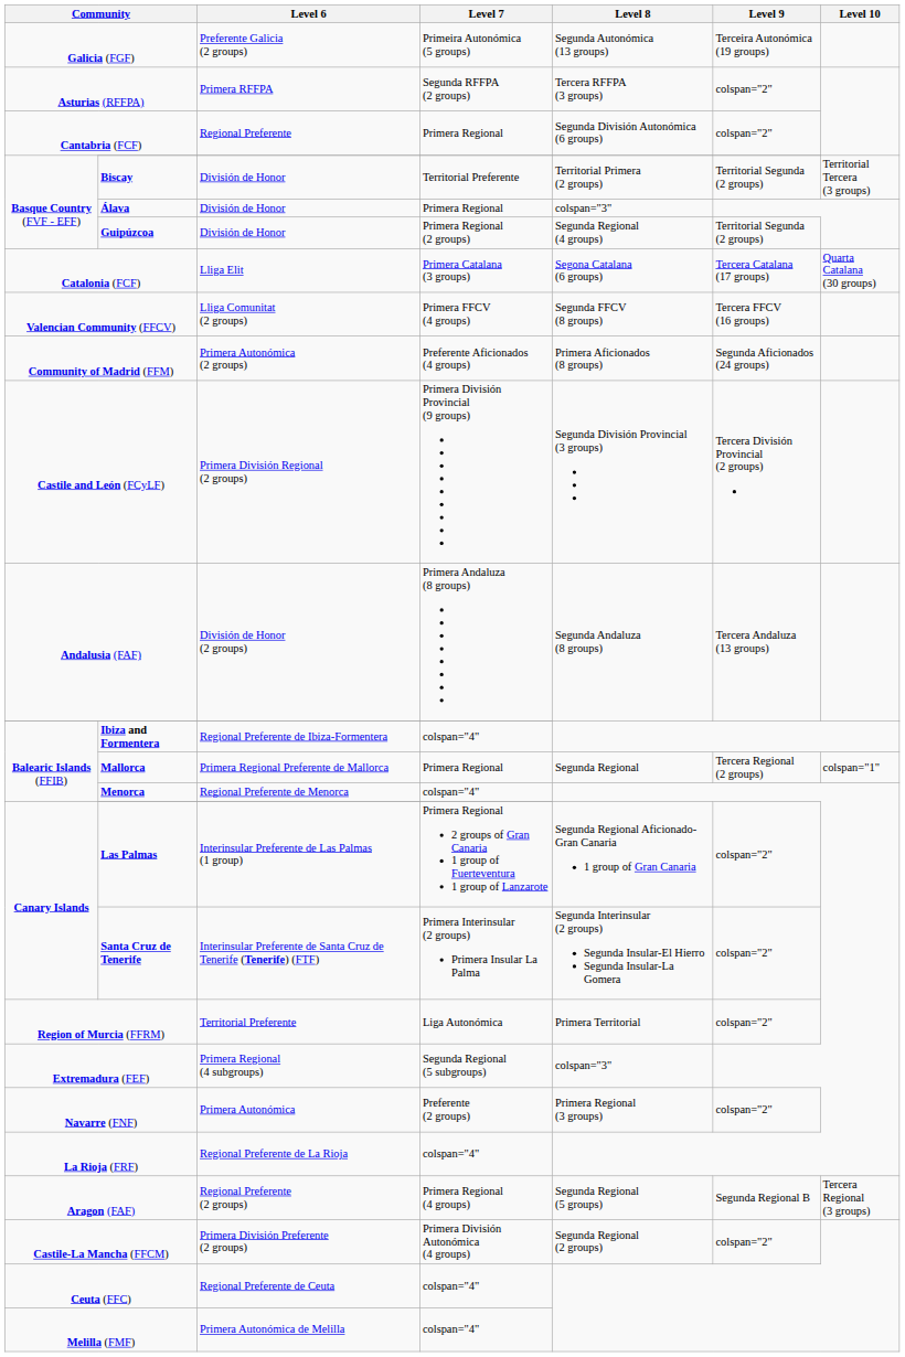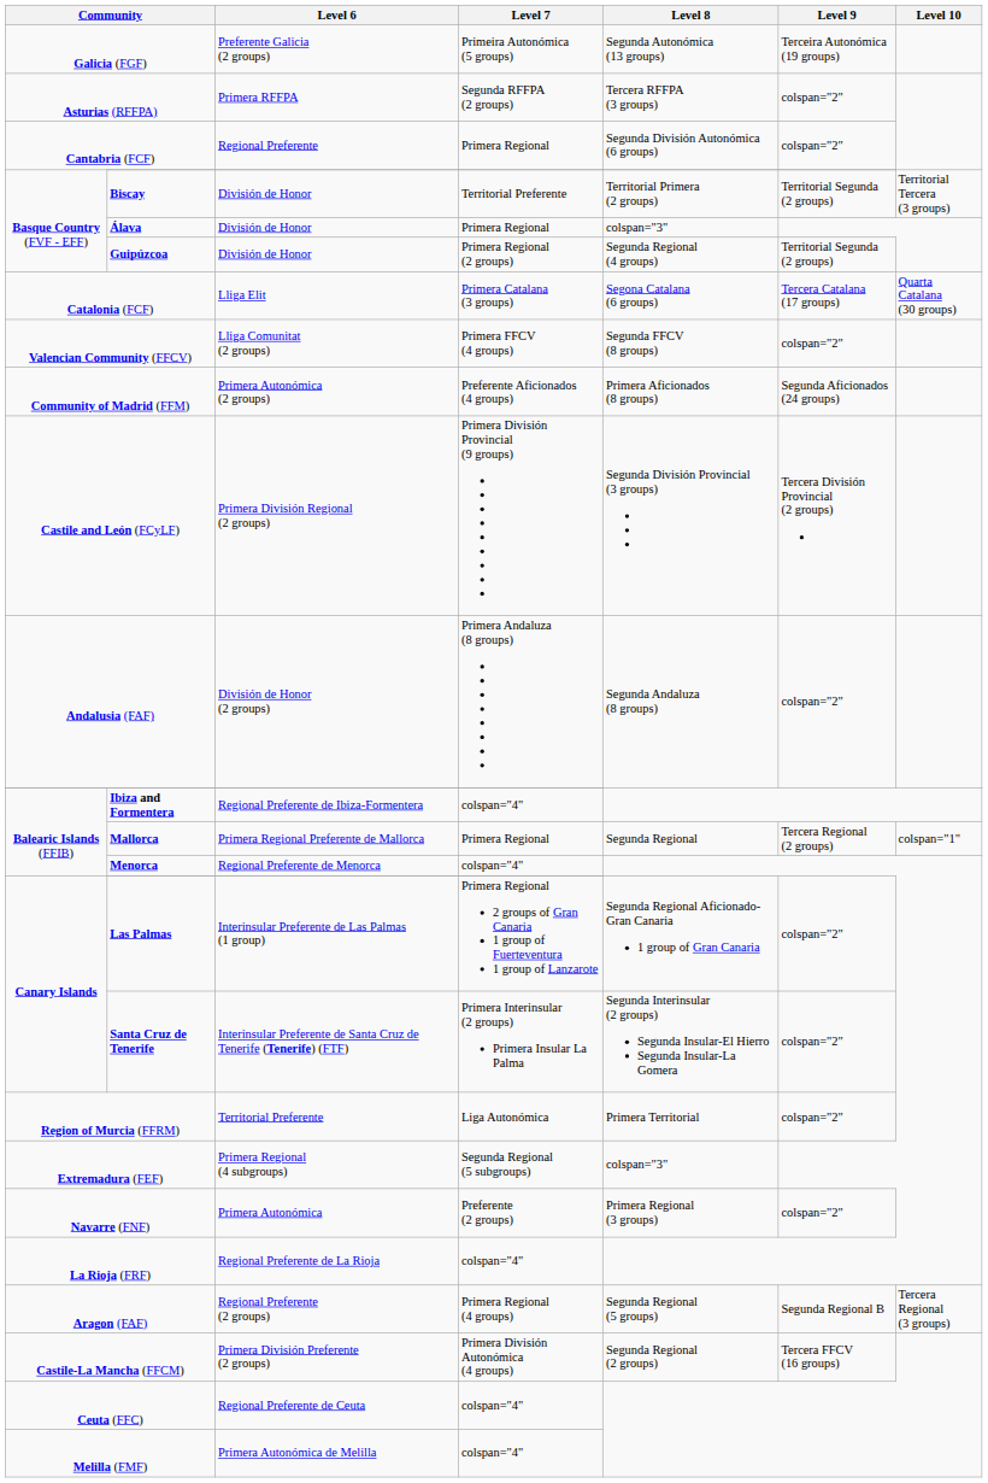 <table class="wikitable sortable">
 <tr>
 <th colspan="2" align="center"><a href='#'>Community</a></th>
 <th>Level 6</th>
 <th>Level 7</th>
 <th>Level 8</th>
 <th>Level 9</th>
 <th>Level 10</th>
 </tr>
 <tr>
 <td colspan="2" align="center"><br><br><strong><a href='#'>Galicia</a></strong> (<a href='#'>FGF</a>)</td>
 <td><a href='#'>Preferente Galicia</a><br>(2 groups)</td>
 <td>Primeira Autonómica<br>(5 groups)</td>
 <td>Segunda Autonómica<br>(13 groups)</td>
 <td>Terceira Autonómica<br>(19 groups)</td>
 <td></td>
 </tr>
 <tr>
 <td colspan="2" align="center"><br><br><strong><a href='#'>Asturias</a></strong> <a href='#'>(RFFPA)</a></td>
 <td><a href='#'>Primera RFFPA</a></td>
 <td>Segunda RFFPA<br>(2 groups)</td>
 <td>Tercera RFFPA<br>(3 groups)</td>
 <td>colspan="2" </td>
 </tr>
 <tr>
 <td colspan="2" align="center"><br><br><strong><a href='#'>Cantabria</a></strong> (<a href='#'>FCF</a>)</td>
 <td><a href='#'>Regional Preferente</a></td>
 <td>Primera Regional</td>
 <td>Segunda División Autonómica<br>(6 groups)</td>
 <td>colspan="2" </td>
 </tr>
 <tr>
 <td rowspan="4" align="center"><br><br><strong><a href='#'>Basque Country</a></strong> <br>(<a href='#'>FVF - EFF</a>)</td>
 </tr>
 <tr>
 <td><strong><a href='#'>Biscay</a></strong></td>
 <td><a href='#'>División de Honor</a></td>
 <td>Territorial Preferente</td>
 <td>Territorial Primera<br>(2 groups)</td>
 <td>Territorial Segunda<br>(2 groups)</td>
 <td>Territorial Tercera<br>(3 groups)</td>
 </tr>
 <tr>
 <td><strong><a href='#'>Álava</a></strong></td>
 <td><a href='#'>División de Honor</a></td>
 <td>Primera Regional</td>
 <td>colspan="3" </td>
 </tr>
 <tr>
 <td><strong><a href='#'>Guipúzcoa</a></strong></td>
 <td><a href='#'>División de Honor</a></td>
 <td>Primera Regional<br>(2 groups)</td>
 <td>Segunda Regional<br>(4 groups)</td>
 <td>Territorial Segunda<br>(2 groups)</td>
 </tr>
 <tr>
 <td colspan="2" align="center"><br><br><strong><a href='#'>Catalonia</a></strong> (<a href='#'>FCF</a>)</td>
 <td><a href='#'>Lliga Elit</a></td>
 <td><a href='#'>Primera Catalana</a><br>(3 groups)</td>
 <td><a href='#'>Segona Catalana</a><br>(6 groups)</td>
 <td><a href='#'>Tercera Catalana</a><br>(17 groups)</td>
 <td><a href='#'>Quarta Catalana</a><br>(30 groups)</td>
 </tr>
 <tr>
 <td colspan="2" align="center"><br><br><strong><a href='#'>Valencian Community</a></strong> (<a href='#'>FFCV</a>)</td>
 <td><a href='#'>Lliga Comunitat</a><br>(2 groups)</td>
 <td>Primera FFCV<br>(4 groups)</td>
 <td>Segunda FFCV<br>(8 groups)</td>
-<td>Tercera FFCV<br>(16 groups)</td>
+<td>colspan="2" </td>
 <td></td>
 </tr>
 <tr>
 <td colspan="2" align="center"><br><br><strong><a href='#'>Community of Madrid</a></strong> (<a href='#'>FFM</a>)</td>
 <td><a href='#'>Primera Autonómica</a><br>(2 groups)</td>
 <td>Preferente Aficionados<br>(4 groups)</td>
 <td>Primera Aficionados<br>(8 groups)</td>
 <td>Segunda Aficionados<br>(24 groups)</td>
 <td></td>
 </tr>
 <tr>
 <td colspan="2" align="center"><br><br><strong><a href='#'>Castile and León</a></strong> (<a href='#'>FCyLF</a>)</td>
 <td><a href='#'>Primera División Regional</a><br>(2 groups)</td>
 <td>Primera División Provincial<br>(9 groups)<ul><li></li><li></li><li></li><li></li><li></li><li></li><li></li><li></li><li></li></ul></td>
 <td>Segunda División Provincial<br>(3 groups)<ul><li></li><li></li><li></li></ul></td>
 <td>Tercera División Provincial<br>(2 groups)<ul><li></li></ul></td>
 <td></td>
 </tr>
 <tr>
 <td colspan="2" align="center"><br><br><strong><a href='#'>Andalusia</a></strong> <a href='#'>(FAF)</a></td>
 <td><a href='#'>División de Honor</a><br>(2 groups)</td>
 <td>Primera Andaluza<br>(8 groups)<ul><li></li><li></li><li></li><li></li><li></li><li></li><li></li><li></li></ul></td>
 <td>Segunda Andaluza<br>(8 groups)</td>
-<td>Tercera Andaluza<br>(13 groups)</td>
+<td>colspan="2" </td>
 <td></td>
 </tr>
 <tr>
 </tr>
 <tr>
 <td rowspan="4" align="center"><br><br><strong><a href='#'>Balearic Islands</a></strong> (<a href='#'>FFIB</a>)</td>
 </tr>
 <tr>
 <td><strong><a href='#'>Ibiza</a> and <a href='#'>Formentera</a></strong></td>
 <td><a href='#'>Regional Preferente de Ibiza-Formentera</a></td>
 <td>colspan="4" </td>
 </tr>
 <tr>
 <td><strong><a href='#'>Mallorca</a></strong></td>
 <td><a href='#'>Primera Regional Preferente de Mallorca</a></td>
 <td>Primera Regional</td>
 <td>Segunda Regional</td>
 <td>Tercera Regional<br>(2 groups)</td>
 <td>colspan="1" </td>
 </tr>
 <tr>
 <td><strong><a href='#'>Menorca</a></strong></td>
 <td><a href='#'>Regional Preferente de Menorca</a></td>
 <td>colspan="4" </td>
 </tr>
 <tr>
 <td rowspan="3" align="center"><br><strong><a href='#'>Canary Islands</a></strong></td>
 </tr>
 <tr>
 <td><strong><a href='#'>Las Palmas</a></strong></td>
 <td><a href='#'>Interinsular Preferente de Las Palmas</a><br>(1 group)</td>
 <td>Primera Regional<br><ul><li>2 groups of <a href='#'>Gran Canaria</a></li><li>1 group of <a href='#'>Fuerteventura</a></li><li>1 group of <a href='#'>Lanzarote</a></li></ul></td>
 <td>Segunda Regional Aficionado-Gran Canaria<br><ul><li>1 group of <a href='#'>Gran Canaria</a></li></ul></td>
 <td>colspan="2" </td>
 </tr>
 <tr>
 <td><strong><a href='#'>Santa Cruz de Tenerife</a></strong></td>
 <td><a href='#'>Interinsular Preferente de Santa Cruz de Tenerife</a> (<strong><a href='#'>Tenerife</a></strong>) (<a href='#'>FTF</a>)</td>
 <td>Primera Interinsular<br>(2 groups)<ul><li>Primera Insular La Palma</li></ul></td>
 <td>Segunda Interinsular<br>(2 groups)<ul><li>Segunda Insular-El Hierro</li><li>Segunda Insular-La Gomera</li></ul></td>
 <td>colspan="2" </td>
 </tr>
 <tr>
 <td colspan="2" align="center"><br><br><strong><a href='#'>Region of Murcia</a></strong> (<a href='#'>FFRM</a>)</td>
 <td><a href='#'>Territorial Preferente</a></td>
 <td>Liga Autonómica</td>
 <td>Primera Territorial</td>
 <td>colspan="2" </td>
 </tr>
 <tr>
 <td colspan="2" align="center"><br><br><strong><a href='#'>Extremadura</a></strong> (<a href='#'>FEF</a>)</td>
 <td><a href='#'>Primera Regional</a><br>(4 subgroups)</td>
 <td>Segunda Regional<br>(5 subgroups)</td>
 <td>colspan="3" </td>
 </tr>
 <tr>
 <td colspan="2" align="center"><br><br><strong><a href='#'>Navarre</a></strong> (<a href='#'>FNF</a>)</td>
 <td><a href='#'>Primera Autonómica</a></td>
 <td>Preferente<br>(2 groups)</td>
 <td>Primera Regional<br>(3 groups)</td>
 <td>colspan="2" </td>
 </tr>
 <tr>
 <td colspan="2" align="center"><br><br><strong><a href='#'>La Rioja</a></strong> (<a href='#'>FRF</a>)</td>
 <td><a href='#'>Regional Preferente de La Rioja</a></td>
 <td>colspan="4" </td>
 </tr>
 <tr>
 <td colspan="2" align="center"><br><br><strong><a href='#'>Aragon</a></strong> <a href='#'>(FAF)</a></td>
 <td><a href='#'>Regional Preferente</a><br>(2 groups)</td>
 <td>Primera Regional<br>(4 groups)</td>
 <td>Segunda Regional<br>(5 groups)</td>
 <td>Segunda Regional B</td>
 <td>Tercera Regional<br>(3 groups)</td>
 </tr>
 <tr>
 <td colspan="2" align="center"><br><br><strong><a href='#'>Castile-La Mancha</a></strong> (<a href='#'>FFCM</a>)</td>
 <td><a href='#'>Primera División Preferente</a><br>(2 groups)</td>
 <td>Primera División Autonómica<br>(4 groups)</td>
 <td>Segunda Regional<br>(2 groups)</td>
-<td>colspan="2" </td>
+<td>Tercera FFCV<br>(16 groups)</td>
 </tr>
 <tr>
 <td colspan="2" align="center"><br><br><strong><a href='#'>Ceuta</a></strong> (<a href='#'>FFC</a>)</td>
 <td><a href='#'>Regional Preferente de Ceuta</a></td>
 <td>colspan="4" </td>
 </tr>
 <tr>
 <td colspan="2" align="center"><br><br><strong><a href='#'>Melilla</a></strong> (<a href='#'>FMF</a>)</td>
 <td><a href='#'>Primera Autonómica de Melilla</a></td>
 <td>colspan="4" </td>
 </tr>
 </table>
